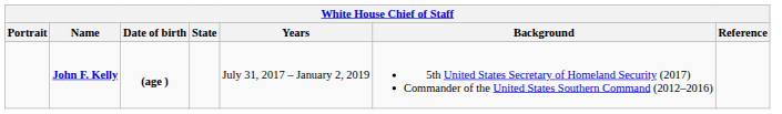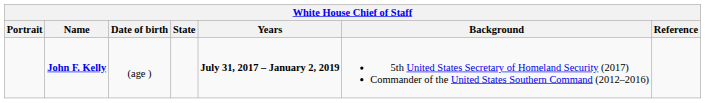 <table class="wikitable collapsible" style="text-align:center;">
 <tr>
 <th colspan="8"><a href='#'>White House Chief of Staff</a></th>
 </tr>
 <tr>
 <th>Portrait</th>
 <th>Name</th>
 <th>Date of birth</th>
 <th>State</th>
 <th>Years</th>
 <th>Background</th>
 <th>Reference</th>
 </tr>
 <tr>
 <td></td>
 <td><strong><a href='#'>John F. Kelly</a></strong></td>
-<td><strong><br>(age )</strong></td>
+<td><br>(age )</td>
 <td></td>
-<td nowrap="">July 31, 2017 – January 2, 2019</td>
+<td nowrap=""><strong>July 31, 2017 – January 2, 2019</strong></td>
 <td><br><ul><li>5th <a href='#'>United States Secretary of Homeland Security</a> (2017)</li><li>Commander of the <a href='#'>United States Southern Command</a> (2012–2016)</li></ul></td>
 <td></td>
 </tr>
 </table>
